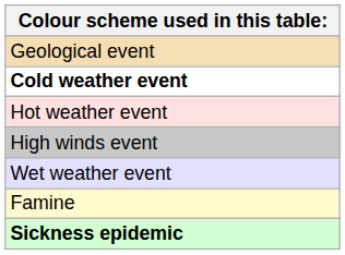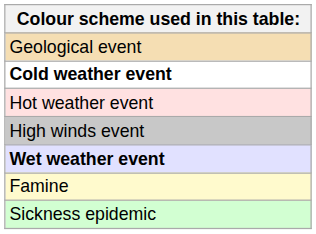 <table class="wikitable sortable" style="; margin: 0 0 0.5em 1em; padding: 0.5em; border: 1px solid #ddb; width: 250px; font-size:90%;">
 <tr>
 <th>Colour scheme used in this table:</th>
 </tr>
 <tr>
 <td style="background: rgb(245,222,179)">Geological event</td>
 </tr>
 <tr>
 <td style="background: rgb(255,255,255)"><strong>Cold weather event</strong></td>
 </tr>
 <tr>
 <td style="background: rgb(255,225,225)">Hot weather event</td>
 </tr>
 <tr>
 <td style="background: rgb(200,200,200)">High winds event</td>
 </tr>
 <tr>
-<td style="background: rgb(225,225,255)">Wet weather event</td>
+<td style="background: rgb(225,225,255)"><strong>Wet weather event</strong></td>
 </tr>
 <tr>
 <td style="background: rgb(255,250,205)">Famine</td>
 </tr>
 <tr>
-<td style="background: rgb(210,255,210)"><strong>Sickness epidemic</strong></td>
+<td style="background: rgb(210,255,210)">Sickness epidemic</td>
 </tr>
 </table>
